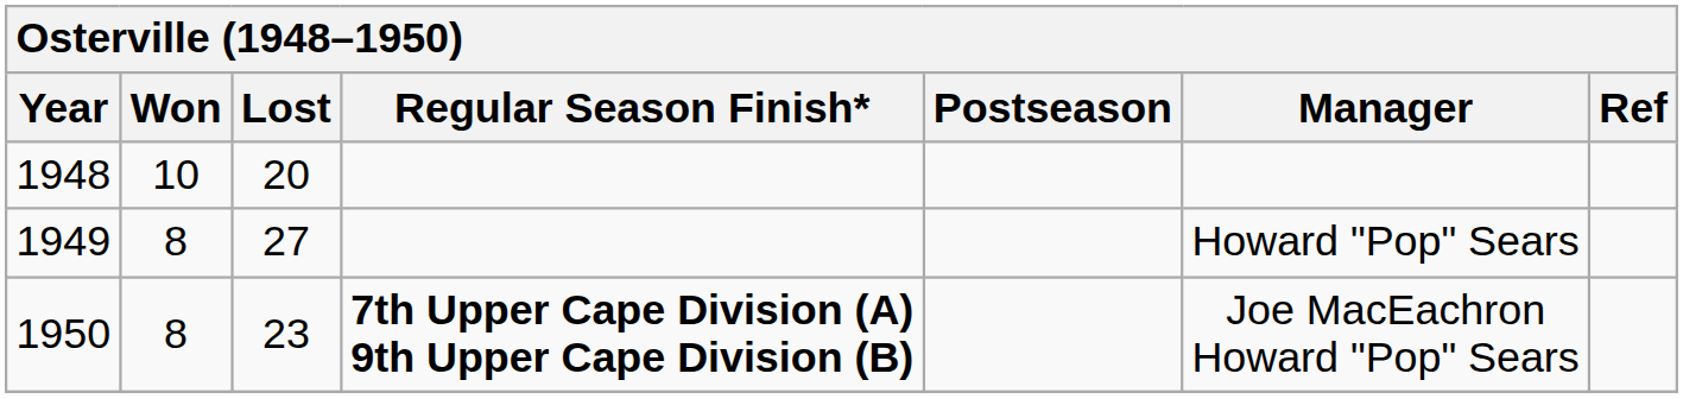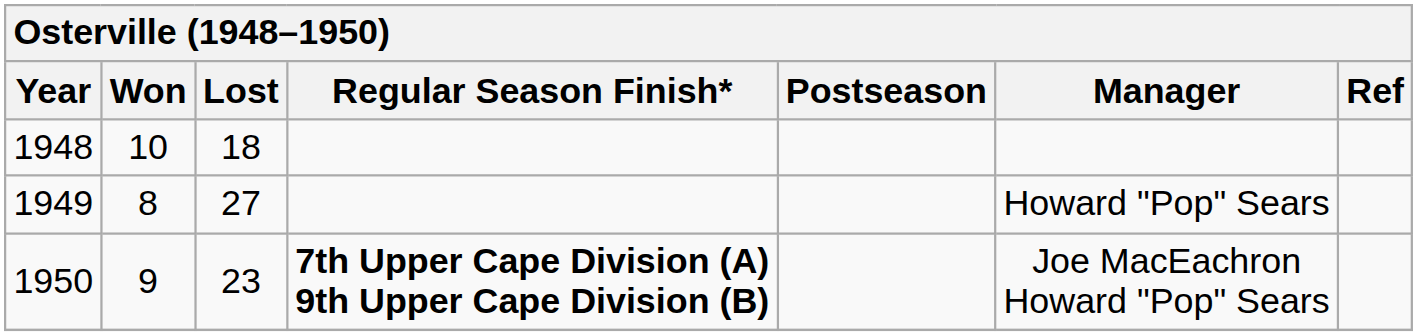 <table class="wikitable" style="text-align:center">
 <tr>
 <th style="text-align:left" colspan="7"><strong><span>Osterville (1948–1950)</span></strong></th>
 </tr>
 <tr>
 <th scope="col">Year</th>
 <th scope="col">Won</th>
 <th scope="col">Lost</th>
 <th scope="col">Regular Season Finish*</th>
 <th scope="col">Postseason</th>
 <th scope="col">Manager</th>
 <th scope="col">Ref</th>
 </tr>
 <tr>
 <td>1948</td>
 <td>10</td>
-<td>20</td>
+<td>18</td>
 <td></td>
 <td></td>
 <td></td>
 <td></td>
 </tr>
 <tr>
 <td>1949</td>
 <td>8</td>
 <td>27</td>
 <td></td>
 <td></td>
 <td>Howard "Pop" Sears</td>
 <td></td>
 </tr>
 <tr>
 <td>1950</td>
-<td>8</td>
+<td>9</td>
 <td>23</td>
 <td><strong>7th Upper Cape Division (A)<br>9th Upper Cape Division (B)</strong></td>
 <td></td>
 <td>Joe MacEachron<br>Howard "Pop" Sears</td>
 <td></td>
 </tr>
 <tr>
 </tr>
 </table>
